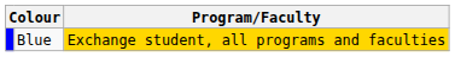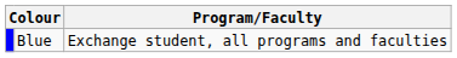 <table class=wikitable>
 <tr>
 <th colspan=2>Colour</th>
 <th>Program/Faculty</th>
 </tr>
 <tr>
 <td style="background:#0000ff"></td>
 <td>Blue</td>
-<td style="background: gold;">Exchange student, all programs and faculties</td>
+<td>Exchange student, all programs and faculties</td>
 </tr>
 </table>
